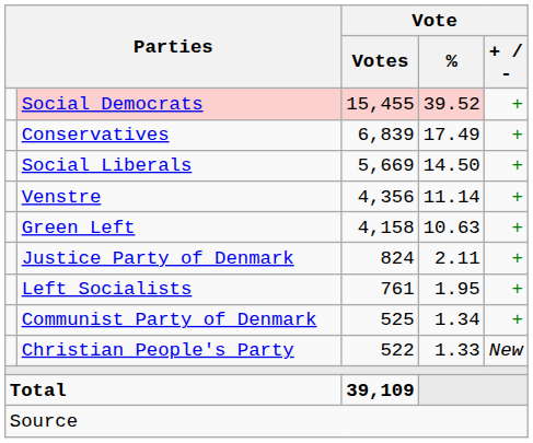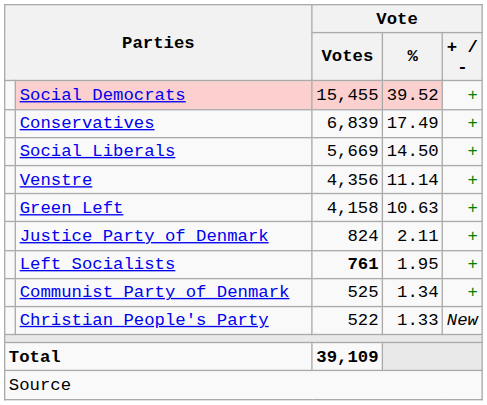 <table class="wikitable" style="text-align:right;">
 <tr>
 <th style="text-align:centre;" rowspan="2" colspan="2" width="225">Parties</th>
 <th colspan="3">Vote</th>
 </tr>
 <tr>
 <th width="15">Votes</th>
 <th width="15">%</th>
 <th width="15">+ / -</th>
 </tr>
 <tr>
 <td width="2" style="color:inherit;background:"></td>
 <td bgcolor=#fbd0ce  align="left"><a href='#'>Social Democrats</a></td>
 <td bgcolor=#fbd0ce>15,455</td>
 <td bgcolor=#fbd0ce>39.52</td>
 <td style=color:green;>+</td>
 </tr>
 <tr>
 <td width="2" style="color:inherit;background:"></td>
 <td align="left"><a href='#'>Conservatives</a></td>
 <td>6,839</td>
 <td>17.49</td>
 <td style=color:green;>+</td>
 </tr>
 <tr>
 <td width="2" style="color:inherit;background:"></td>
 <td align="left"><a href='#'>Social Liberals</a></td>
 <td>5,669</td>
 <td>14.50</td>
 <td style=color:green;>+</td>
 </tr>
 <tr>
 <td width="2" style="color:inherit;background:"></td>
 <td align="left"><a href='#'>Venstre</a></td>
 <td>4,356</td>
 <td>11.14</td>
 <td style=color:green;>+</td>
 </tr>
 <tr>
 <td width="2" style="color:inherit;background:"></td>
 <td align="left"><a href='#'>Green Left</a></td>
 <td>4,158</td>
 <td>10.63</td>
 <td style=color:green;>+</td>
 </tr>
 <tr>
 <td width="2" style="color:inherit;background:"></td>
 <td align="left"><a href='#'>Justice Party of Denmark</a></td>
 <td>824</td>
 <td>2.11</td>
 <td style=color:green;>+</td>
 </tr>
 <tr>
 <td width="2" style="color:inherit;background:"></td>
 <td align="left"><a href='#'>Left Socialists</a></td>
-<td>761</td>
+<td><strong>761</strong></td>
 <td>1.95</td>
 <td style=color:green;>+</td>
 </tr>
 <tr>
 <td width="2" style="color:inherit;background:"></td>
 <td align="left"><a href='#'>Communist Party of Denmark</a></td>
 <td>525</td>
 <td>1.34</td>
 <td style=color:green;>+</td>
 </tr>
 <tr>
 <td width="2" style="color:inherit;background:"></td>
 <td align="left"><a href='#'>Christian People's Party</a></td>
 <td>522</td>
 <td>1.33</td>
 <td><em>New</em></td>
 </tr>
 <tr>
 <td colspan="7" bgcolor="#E9E9E9"></td>
 </tr>
 <tr>
 <td align="left" colspan="2"><strong>Total</strong></td>
 <td><strong>39,109</strong></td>
 <td bgcolor="#E9E9E9" colspan="2"></td>
 </tr>
 <tr>
 <td align="left" colspan="6">Source</td>
 </tr>
 </table>
